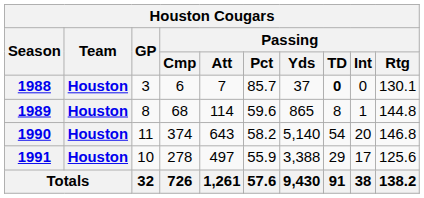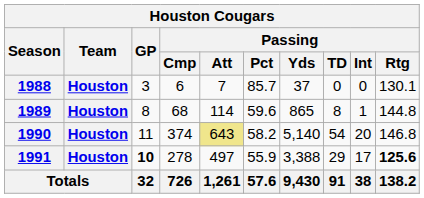 <table class="wikitable" style="text-align:center;">
 <tr>
 <th colspan="10">Houston Cougars</th>
 </tr>
 <tr>
 <th rowspan="2">Season</th>
 <th rowspan="2">Team</th>
 <th rowspan="2">GP</th>
 <th colspan="7">Passing</th>
 </tr>
 <tr>
 <th>Cmp</th>
 <th>Att</th>
 <th>Pct</th>
 <th>Yds</th>
 <th>TD</th>
 <th>Int</th>
 <th>Rtg</th>
 </tr>
 <tr>
 <th><a href='#'>1988</a></th>
 <th><a href='#'>Houston</a></th>
 <td>3</td>
 <td>6</td>
 <td>7</td>
 <td>85.7</td>
 <td>37</td>
-<td><strong>0</strong></td>
+<td>0</td>
 <td>0</td>
 <td>130.1</td>
 </tr>
 <tr>
 <th><a href='#'>1989</a></th>
 <th><a href='#'>Houston</a></th>
 <td>8</td>
 <td>68</td>
 <td>114</td>
 <td>59.6</td>
 <td>865</td>
 <td>8</td>
 <td>1</td>
 <td>144.8</td>
 </tr>
 <tr>
 <th><a href='#'>1990</a></th>
 <th><a href='#'>Houston</a></th>
 <td>11</td>
 <td>374</td>
-<td>643</td>
+<td style="background: khaki;">643</td>
 <td>58.2</td>
 <td>5,140</td>
 <td>54</td>
 <td>20</td>
 <td>146.8</td>
 </tr>
 <tr>
 <th><a href='#'>1991</a></th>
 <th><a href='#'>Houston</a></th>
-<td>10</td>
+<td><strong>10</strong></td>
 <td>278</td>
 <td>497</td>
 <td>55.9</td>
 <td>3,388</td>
 <td>29</td>
 <td>17</td>
-<td>125.6</td>
+<td><strong>125.6</strong></td>
 </tr>
 <tr>
 <th colspan="2">Totals</th>
 <th>32</th>
 <th>726</th>
 <th>1,261</th>
 <th>57.6</th>
 <th>9,430</th>
 <th>91</th>
 <th>38</th>
 <th>138.2</th>
 </tr>
 </table>
